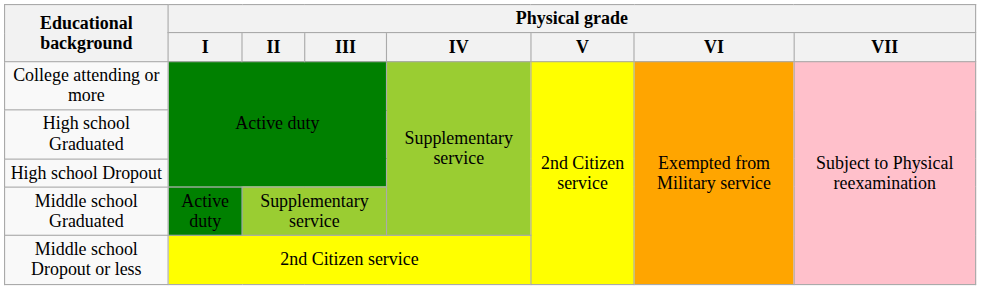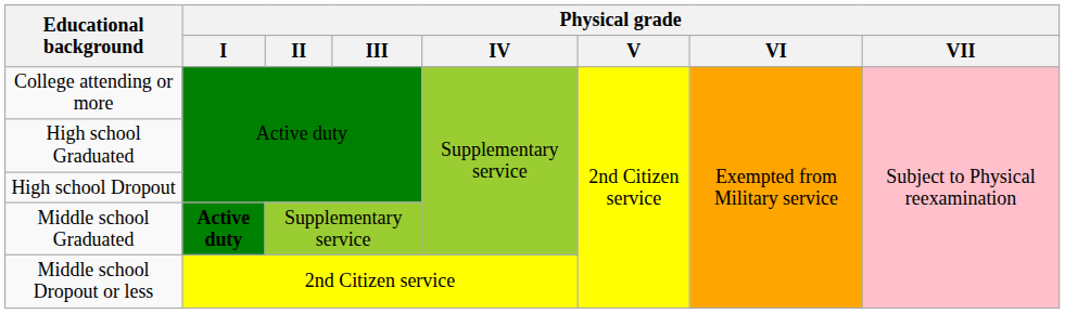 <table class="wikitable">
 <tr>
 <th rowspan="2">Educational background</th>
 <th colspan="7">Physical grade</th>
 </tr>
 <tr>
 <th>I</th>
 <th>II</th>
 <th>III</th>
 <th>IV</th>
 <th>V</th>
 <th>VI</th>
 <th>VII</th>
 </tr>
 <tr>
 <td div style="text-align:center">College attending or more</td>
 <td colspan="3" rowspan="3" div style="background:green; text-align:center;">Active duty</td>
 <td rowspan="4" div style="background:yellowgreen; text-align:center;">Supplementary service</td>
 <td style="text-align:center; background:yellow;" rowspan="5" div>2nd Citizen service</td>
 <td rowspan="5" div style="background:orange; text-align:center;">Exempted from Military service</td>
 <td rowspan="5" div style="background:pink; text-align:center;">Subject to Physical reexamination</td>
 </tr>
 <tr>
 <td div style="text-align:center">High school Graduated</td>
 </tr>
 <tr>
 <td div style="text-align:center">High school Dropout</td>
 </tr>
 <tr>
 <td div style="text-align:center">Middle school Graduated</td>
-<td div style="background:green; text-align:center;">Active duty</td>
+<td div style="background:green; text-align:center;"><strong>Active duty</strong></td>
 <td colspan="2" div style="background:yellowgreen; text-align:center;">Supplementary service</td>
 </tr>
 <tr>
 <td div style="text-align:center">Middle school Dropout or less</td>
 <td style="text-align:center; background:yellow;" colspan="4" div>2nd Citizen service</td>
 </tr>
 </table>
